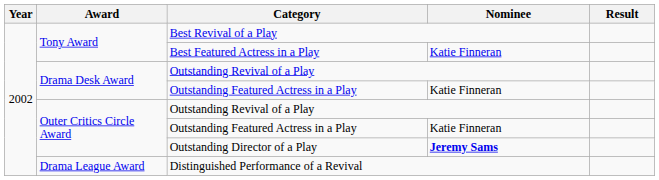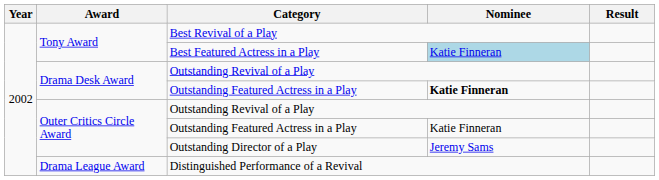 <table class="wikitable">
 <tr>
 <th width="5%">Year</th>
 <th width="20%">Award</th>
 <th width="40%">Category</th>
 <th width="25%">Nominee</th>
 <th width="10%">Result</th>
 </tr>
 <tr>
 <td rowspan="8" align="center">2002</td>
 <td rowspan="2"><a href='#'>Tony Award</a></td>
 <td colspan="2"><a href='#'>Best Revival of a Play</a></td>
 <td></td>
 </tr>
 <tr>
 <td><a href='#'>Best Featured Actress in a Play</a></td>
-<td><a href='#'>Katie Finneran</a></td>
+<td style="background: lightblue;"><a href='#'>Katie Finneran</a></td>
 <td></td>
 </tr>
 <tr>
 <td rowspan="2"><a href='#'>Drama Desk Award</a></td>
 <td colspan="2"><a href='#'>Outstanding Revival of a Play</a></td>
 <td></td>
 </tr>
 <tr>
 <td><a href='#'>Outstanding Featured Actress in a Play</a></td>
-<td>Katie Finneran</td>
+<td><strong>Katie Finneran</strong></td>
 <td></td>
 </tr>
 <tr>
 <td rowspan="3"><a href='#'>Outer Critics Circle Award</a></td>
 <td colspan="2">Outstanding Revival of a Play</td>
 <td></td>
 </tr>
 <tr>
 <td>Outstanding Featured Actress in a Play</td>
 <td>Katie Finneran</td>
 <td></td>
 </tr>
 <tr>
 <td>Outstanding Director of a Play</td>
-<td><strong><a href='#'>Jeremy Sams</a></strong></td>
+<td><a href='#'>Jeremy Sams</a></td>
 <td></td>
 </tr>
 <tr>
 <td><a href='#'>Drama League Award</a></td>
 <td colspan="2">Distinguished Performance of a Revival</td>
 <td></td>
 </tr>
 </table>
